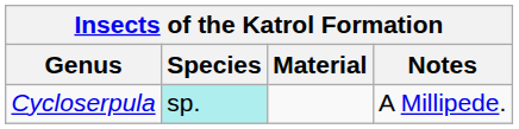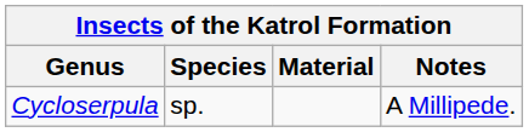 <table class="wikitable" align="center">
 <tr>
 <th colspan="4" align="center"><a href='#'>Insects</a> of the Katrol Formation</th>
 </tr>
 <tr>
 <th>Genus</th>
 <th>Species</th>
 <th>Material</th>
 <th>Notes</th>
 </tr>
 <tr>
 <td><em><a href='#'>Cycloserpula</a></em></td>
-<td style="background: paleturquoise;">sp.</td>
+<td>sp.</td>
 <td></td>
 <td>A <a href='#'>Millipede</a>.</td>
 </tr>
 </table>
